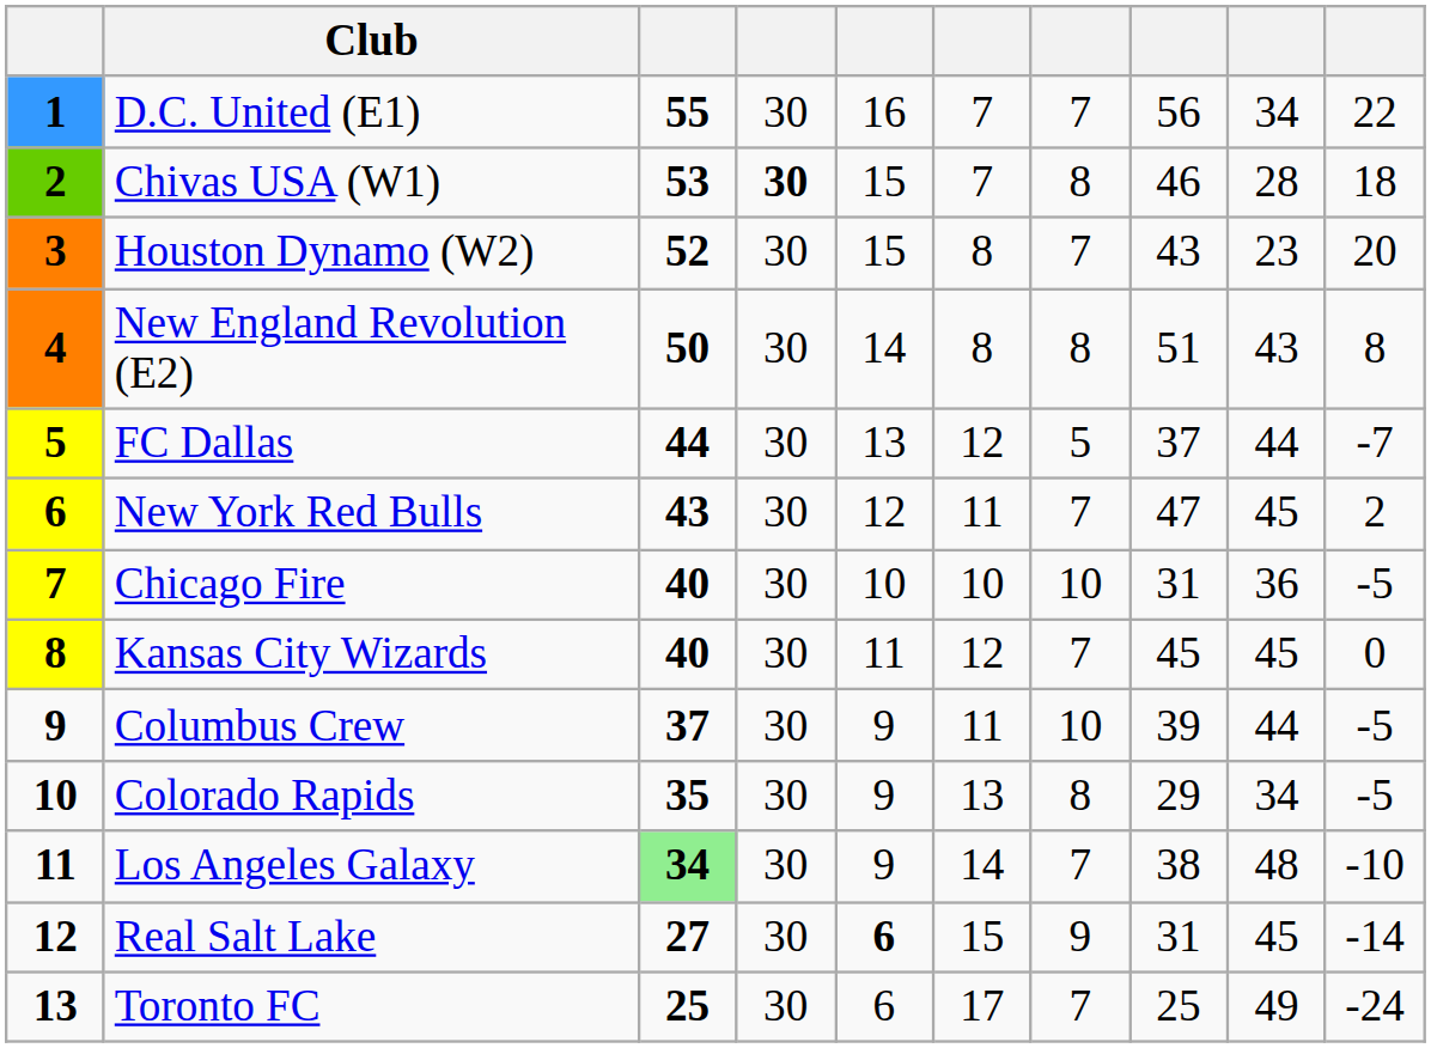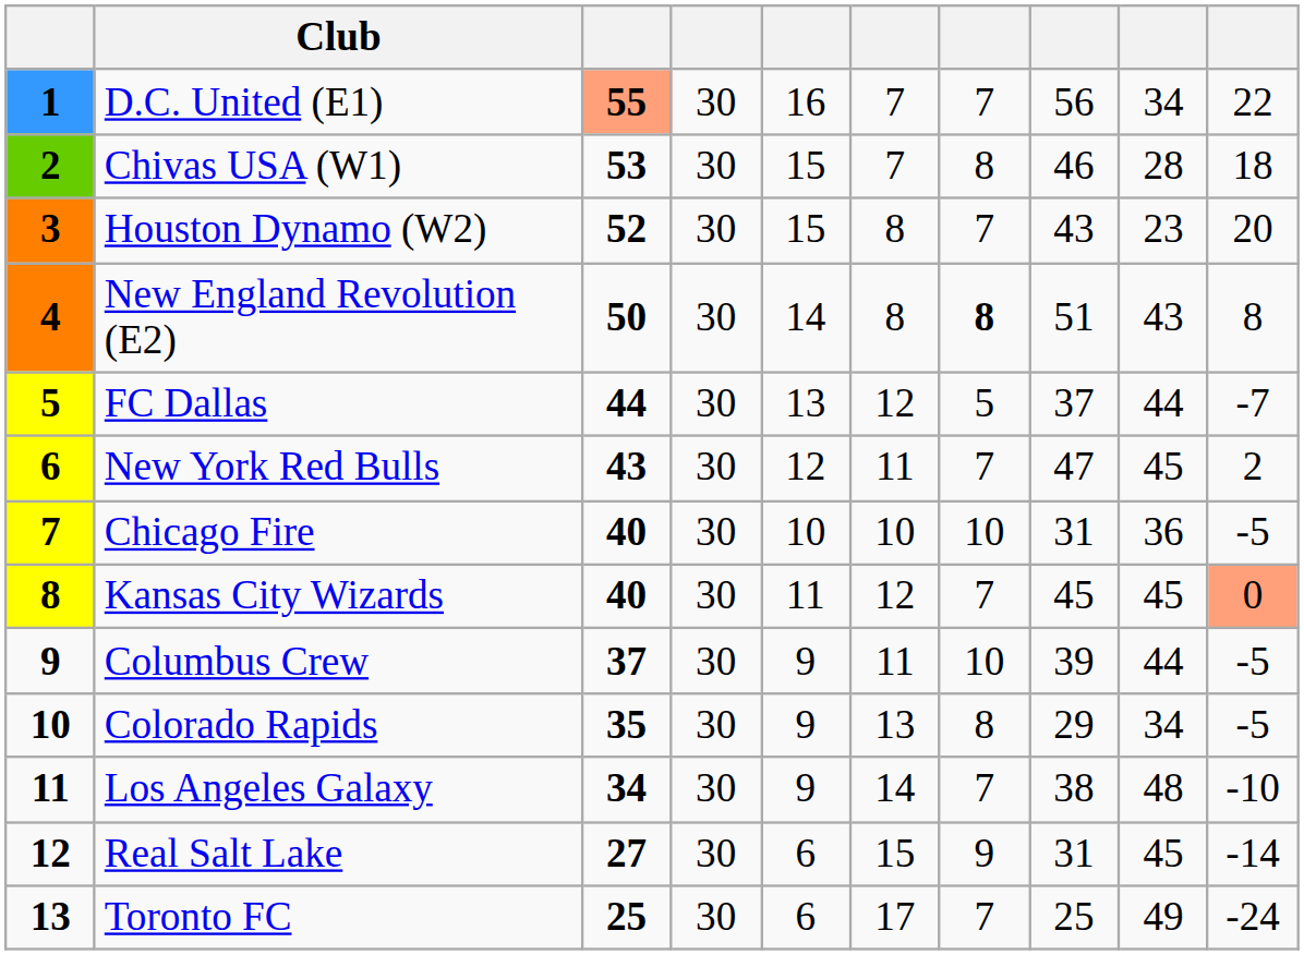 <table class="wikitable">
 <tr>
 <th width=28></th>
 <th width=185>Club</th>
 <th width=28></th>
 <th width=28></th>
 <th width=28></th>
 <th width=28></th>
 <th width=28></th>
 <th width=28></th>
 <th width=28></th>
 <th width=28></th>
 </tr>
 <tr>
 <td style="background:#39f; text-align:center;"><strong>1</strong></td>
 <td><a href='#'>D.C. United</a> (E1)</td>
-<td align=center><strong>55</strong></td>
+<td align=center style="background: lightsalmon;"><strong>55</strong></td>
 <td align=center>30</td>
 <td align=center>16</td>
 <td align=center>7</td>
 <td align=center>7</td>
 <td align=center>56</td>
 <td align=center>34</td>
 <td align=center>22</td>
 </tr>
 <tr>
 <td style="background:#6c0; text-align:center;"><strong>2</strong></td>
 <td><a href='#'>Chivas USA</a> (W1)</td>
 <td align=center><strong>53</strong></td>
-<td align=center><strong>30</strong></td>
+<td align=center>30</td>
 <td align=center>15</td>
 <td align=center>7</td>
 <td align=center>8</td>
 <td align=center>46</td>
 <td align=center>28</td>
 <td align=center>18</td>
 </tr>
 <tr>
 <td style="background:#ff7f00; text-align:center;"><strong>3</strong></td>
 <td><a href='#'>Houston Dynamo</a> (W2)</td>
 <td align=center><strong>52</strong></td>
 <td align=center>30</td>
 <td align=center>15</td>
 <td align=center>8</td>
 <td align=center>7</td>
 <td align=center>43</td>
 <td align=center>23</td>
 <td align=center>20</td>
 </tr>
 <tr>
 <td style="background:#ff7f00; text-align:center;"><strong>4</strong></td>
 <td><a href='#'>New England Revolution</a> (E2)</td>
 <td align=center><strong>50</strong></td>
 <td align=center>30</td>
 <td align=center>14</td>
 <td align=center>8</td>
-<td align=center>8</td>
+<td align=center><strong>8</strong></td>
 <td align=center>51</td>
 <td align=center>43</td>
 <td align=center>8</td>
 </tr>
 <tr>
 <td style="background:#ff0; text-align:center;"><strong>5</strong></td>
 <td><a href='#'>FC Dallas</a></td>
 <td align=center><strong>44</strong></td>
 <td align=center>30</td>
 <td align=center>13</td>
 <td align=center>12</td>
 <td align=center>5</td>
 <td align=center>37</td>
 <td align=center>44</td>
 <td align=center>-7</td>
 </tr>
 <tr>
 <td style="background:#ff0; text-align:center;"><strong>6</strong></td>
 <td><a href='#'>New York Red Bulls</a></td>
 <td align=center><strong>43</strong></td>
 <td align=center>30</td>
 <td align=center>12</td>
 <td align=center>11</td>
 <td align=center>7</td>
 <td align=center>47</td>
 <td align=center>45</td>
 <td align=center>2</td>
 </tr>
 <tr>
 <td style="background:#ff0; text-align:center;"><strong>7</strong></td>
 <td><a href='#'>Chicago Fire</a></td>
 <td align=center><strong>40</strong></td>
 <td align=center>30</td>
 <td align=center>10</td>
 <td align=center>10</td>
 <td align=center>10</td>
 <td align=center>31</td>
 <td align=center>36</td>
 <td align=center>-5</td>
 </tr>
 <tr>
 <td style="background:#ff0; text-align:center;"><strong>8</strong></td>
 <td><a href='#'>Kansas City Wizards</a></td>
 <td align=center><strong>40</strong></td>
 <td align=center>30</td>
 <td align=center>11</td>
 <td align=center>12</td>
 <td align=center>7</td>
 <td align=center>45</td>
 <td align=center>45</td>
-<td align=center>0</td>
+<td align=center style="background: lightsalmon;">0</td>
 </tr>
 <tr>
 <td align=center><strong>9</strong></td>
 <td><a href='#'>Columbus Crew</a></td>
 <td align=center><strong>37</strong></td>
 <td align=center>30</td>
 <td align=center>9</td>
 <td align=center>11</td>
 <td align=center>10</td>
 <td align=center>39</td>
 <td align=center>44</td>
 <td align=center>-5</td>
 </tr>
 <tr>
 <td align=center><strong>10</strong></td>
 <td><a href='#'>Colorado Rapids</a></td>
 <td align=center><strong>35</strong></td>
 <td align=center>30</td>
 <td align=center>9</td>
 <td align=center>13</td>
 <td align=center>8</td>
 <td align=center>29</td>
 <td align=center>34</td>
 <td align=center>-5</td>
 </tr>
 <tr>
 <td align=center><strong>11</strong></td>
 <td><a href='#'>Los Angeles Galaxy</a></td>
-<td align=center style="background: lightgreen;"><strong>34</strong></td>
+<td align=center><strong>34</strong></td>
 <td align=center>30</td>
 <td align=center>9</td>
 <td align=center>14</td>
 <td align=center>7</td>
 <td align=center>38</td>
 <td align=center>48</td>
 <td align=center>-10</td>
 </tr>
 <tr>
 <td align=center><strong>12</strong></td>
 <td><a href='#'>Real Salt Lake</a></td>
 <td align=center><strong>27</strong></td>
 <td align=center>30</td>
-<td align=center><strong>6</strong></td>
+<td align=center>6</td>
 <td align=center>15</td>
 <td align=center>9</td>
 <td align=center>31</td>
 <td align=center>45</td>
 <td align=center>-14</td>
 </tr>
 <tr>
 <td align=center><strong>13</strong></td>
 <td><a href='#'>Toronto FC</a></td>
 <td align=center><strong>25</strong></td>
 <td align=center>30</td>
 <td align=center>6</td>
 <td align=center>17</td>
 <td align=center>7</td>
 <td align=center>25</td>
 <td align=center>49</td>
 <td align=center>-24</td>
 </tr>
 </table>
